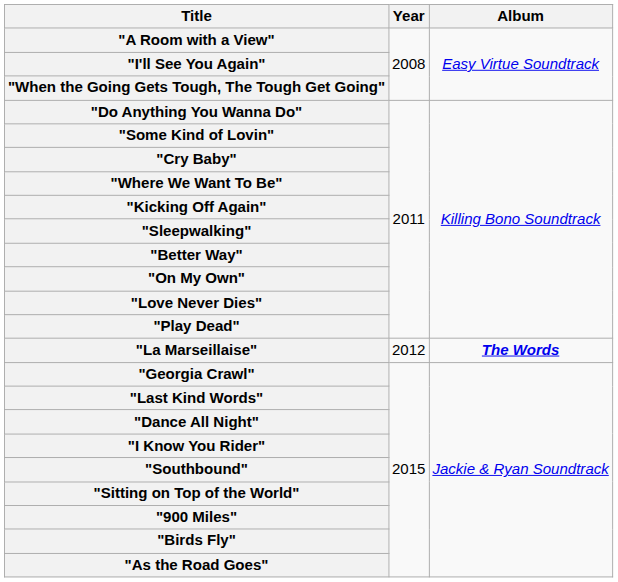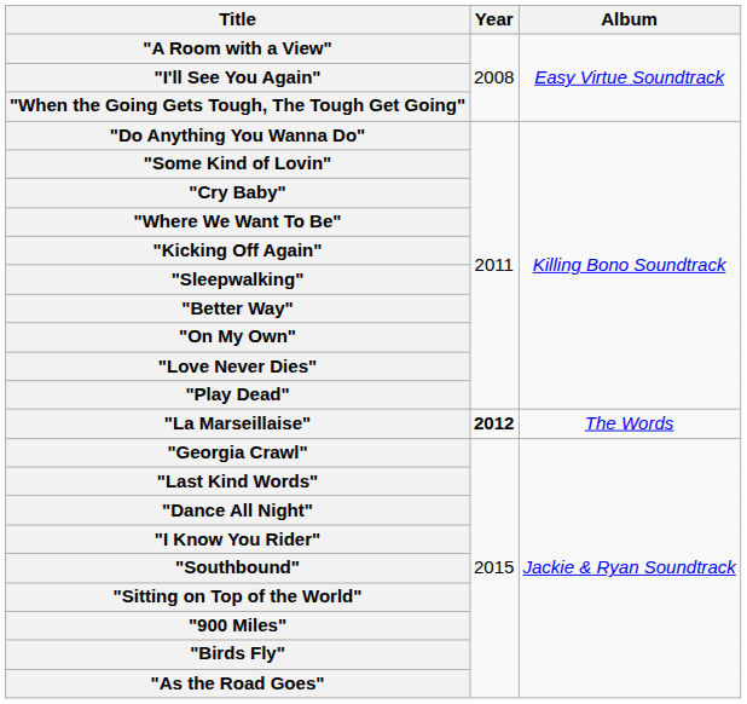 <table class="wikitable plainrowheaders" style="text-align:center">
 <tr>
 <th>Title</th>
 <th>Year</th>
 <th>Album</th>
 </tr>
 <tr>
 <th scope="row">"A Room with a View"</th>
 <td rowspan="3">2008</td>
 <td rowspan="3"><em><a href='#'>Easy Virtue Soundtrack</a></em></td>
 </tr>
 <tr>
 <th scope="row">"I'll See You Again"</th>
 </tr>
 <tr>
 <th scope="row">"When the Going Gets Tough, The Tough Get Going"</th>
 </tr>
 <tr>
 <th scope="row">"Do Anything You Wanna Do"</th>
 <td rowspan="10">2011</td>
 <td rowspan="10"><em><a href='#'>Killing Bono Soundtrack</a></em></td>
 </tr>
 <tr>
 <th scope="row">"Some Kind of Lovin"</th>
 </tr>
 <tr>
 <th scope="row">"Cry Baby"</th>
 </tr>
 <tr>
 <th scope="row">"Where We Want To Be"</th>
 </tr>
 <tr>
 <th scope="row">"Kicking Off Again"</th>
 </tr>
 <tr>
 <th scope="row">"Sleepwalking"</th>
 </tr>
 <tr>
 <th scope="row">"Better Way"</th>
 </tr>
 <tr>
 <th scope="row">"On My Own"</th>
 </tr>
 <tr>
 <th scope="row">"Love Never Dies"</th>
 </tr>
 <tr>
 <th scope="row">"Play Dead"</th>
 </tr>
 <tr>
 <th scope="row">"La Marseillaise"</th>
-<td>2012</td>
-<td><strong><em><a href='#'>The Words</a></em></strong></td>
+<td><strong>2012</strong></td>
+<td><em><a href='#'>The Words</a></em></td>
 </tr>
 <tr>
 <th scope="row">"Georgia Crawl"</th>
 <td rowspan="9">2015</td>
 <td rowspan="9"><em><a href='#'>Jackie & Ryan Soundtrack</a></em></td>
 </tr>
 <tr>
 <th scope="row">"Last Kind Words"</th>
 </tr>
 <tr>
 <th scope="row">"Dance All Night"</th>
 </tr>
 <tr>
 <th scope="row">"I Know You Rider"</th>
 </tr>
 <tr>
 <th scope="row">"Southbound"</th>
 </tr>
 <tr>
 <th scope="row">"Sitting on Top of the World"</th>
 </tr>
 <tr>
 <th scope="row">"900 Miles"</th>
 </tr>
 <tr>
 <th scope="row">"Birds Fly"</th>
 </tr>
 <tr>
 <th scope="row">"As the Road Goes"</th>
 </tr>
 </table>
